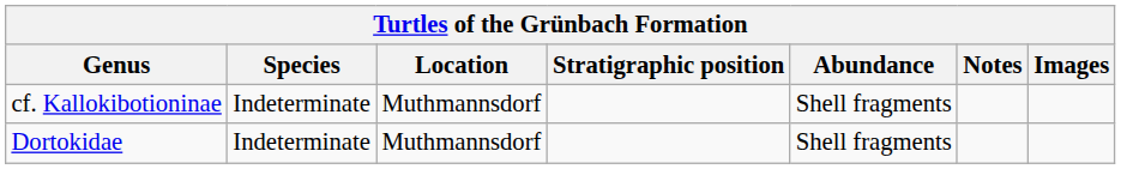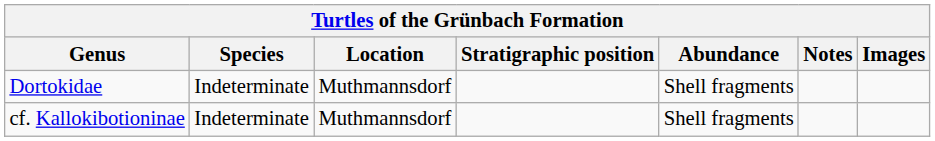 <table class="wikitable">
 <tr>
 <th colspan="7"><a href='#'>Turtles</a> of the <strong>Grünbach</strong> <strong>Formation</strong></th>
 </tr>
 <tr>
 <th><strong>Genus</strong></th>
 <th><strong>Species</strong></th>
 <th>Location</th>
 <th>Stratigraphic position</th>
 <th>Abundance</th>
 <th>Notes</th>
 <th>Images</th>
 </tr>
 <tr>
+<td><a href='#'>Dortokidae</a></td>
+<td>Indeterminate</td>
+<td>Muthmannsdorf</td>
+<td></td>
+<td>Shell fragments</td>
+<td></td>
+<td></td>
+</tr>
+<tr>
 <td>cf. <a href='#'>Kallokibotioninae</a></td>
 <td>Indeterminate</td>
 <td>Muthmannsdorf</td>
 <td></td>
 <td>Shell fragments</td>
 <td></td>
 <td></td>
 </tr>
-<tr>
-<td><a href='#'>Dortokidae</a></td>
-<td>Indeterminate</td>
-<td>Muthmannsdorf</td>
-<td></td>
-<td>Shell fragments</td>
-<td></td>
-<td></td>
-</tr>
 </table>
